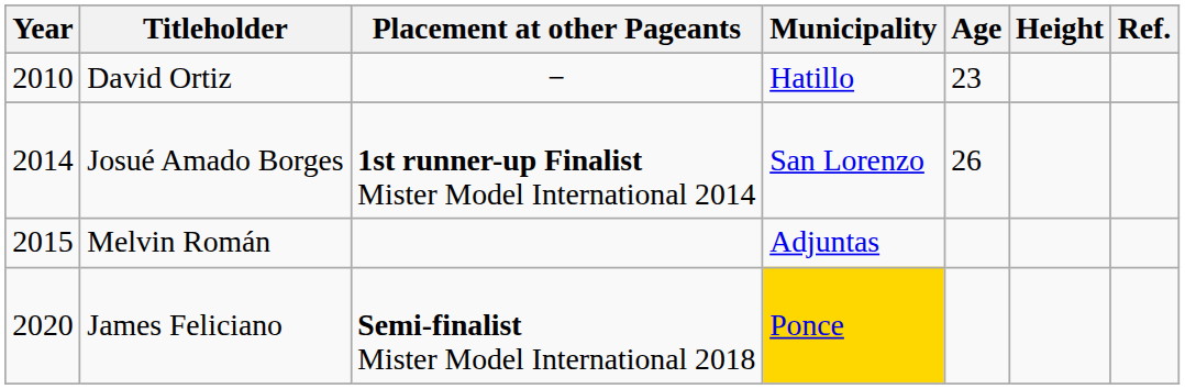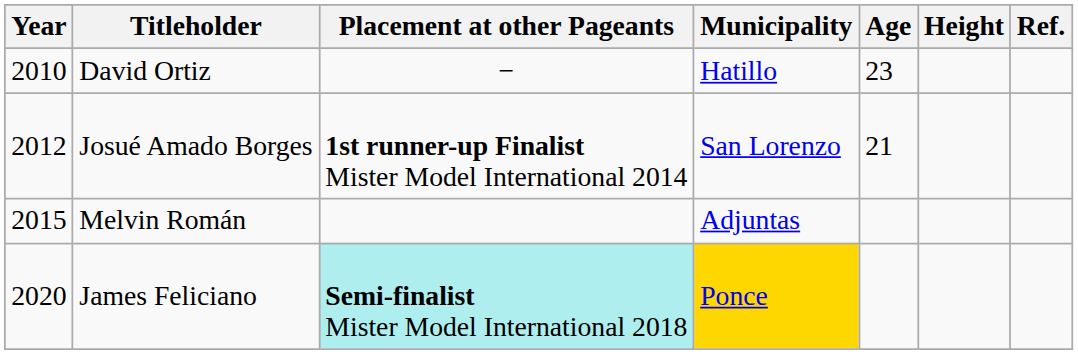 <table class="wikitable">
 <tr>
 <th>Year</th>
 <th>Titleholder</th>
 <th>Placement at other Pageants</th>
 <th>Municipality</th>
 <th>Age</th>
 <th>Height</th>
 <th>Ref.</th>
 </tr>
 <tr>
 <td>2010</td>
 <td>David Ortiz</td>
 <td style="text-align:center;">−</td>
 <td><a href='#'>Hatillo</a></td>
 <td>23</td>
 <td></td>
 <td></td>
 </tr>
 <tr>
-<td>2014</td>
+<td>2012</td>
 <td>Josué Amado Borges</td>
 <td><div><br><strong>1st runner-up Finalist</strong><br>Mister Model International 2014 </div></td>
 <td><a href='#'>San Lorenzo</a></td>
-<td>26</td>
+<td>21</td>
 <td></td>
 <td></td>
 </tr>
 <tr>
 <td>2015</td>
 <td>Melvin Román</td>
 <td></td>
 <td><a href='#'>Adjuntas</a></td>
 <td></td>
 <td></td>
 <td></td>
 </tr>
 <tr>
 <td>2020</td>
 <td>James Feliciano</td>
-<td><div><br><strong>Semi-finalist</strong><br>Mister Model International 2018 </div></td>
+<td style="background: paleturquoise;"><div><br><strong>Semi-finalist</strong><br>Mister Model International 2018 </div></td>
 <td style="background: gold;"><a href='#'>Ponce</a></td>
 <td></td>
 <td></td>
 <td></td>
 </tr>
 </table>
